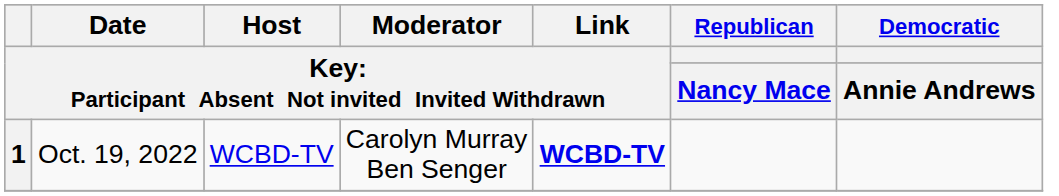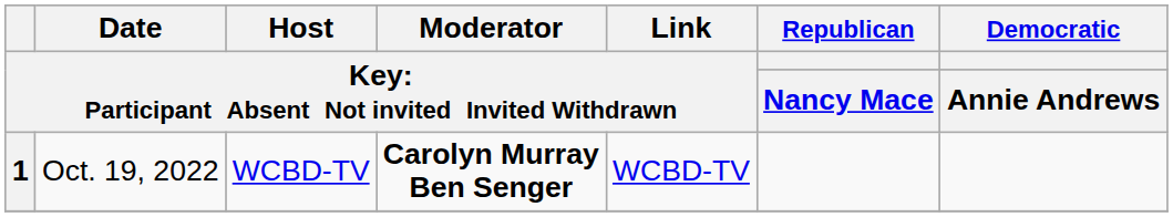 <table class="wikitable" style="text-align:center;">
 <tr>
 <th scope="col"></th>
 <th scope="col">Date</th>
 <th scope="col">Host</th>
 <th scope="col">Moderator</th>
 <th scope="col">Link</th>
 <th scope="col"><small><a href='#'>Republican</a></small></th>
 <th scope="col"><small><a href='#'>Democratic</a></small></th>
 </tr>
 <tr>
 <th colspan="5" rowspan="2">Key:<br> <small>Participant </small>  <small>Absent </small>  <small>Not invited </small>  <small>Invited  Withdrawn</small></th>
 <th scope="col" style="background:"></th>
 <th scope="col" style="background:"></th>
 </tr>
 <tr>
 <th scope="col"><a href='#'>Nancy Mace</a></th>
 <th scope="col">Annie Andrews</th>
 </tr>
 <tr>
 <th>1</th>
 <td style="white-space:nowrap;">Oct. 19, 2022</td>
 <td style="white-space:nowrap;"><a href='#'>WCBD-TV</a></td>
-<td style="white-space:nowrap;">Carolyn Murray<br>Ben Senger</td>
-<td style="white-space:nowrap;"><strong><a href='#'>WCBD-TV</a></strong></td>
+<td style="white-space:nowrap;"><strong>Carolyn Murray<br>Ben Senger</strong></td>
+<td style="white-space:nowrap;"><a href='#'>WCBD-TV</a></td>
 <td></td>
 <td></td>
 </tr>
 <tr>
 </tr>
 </table>
